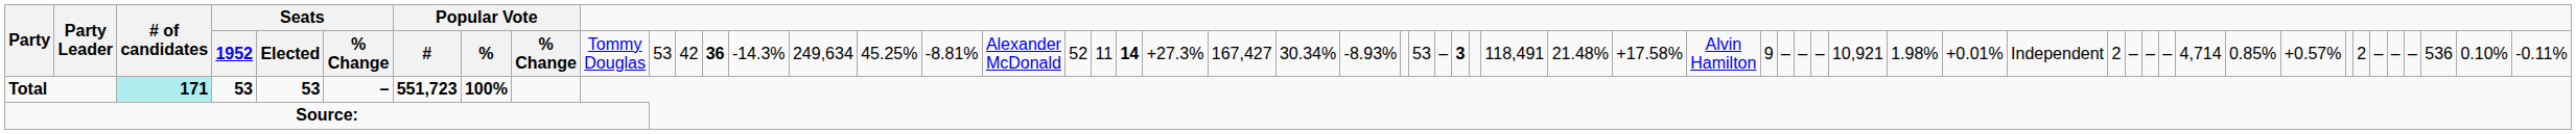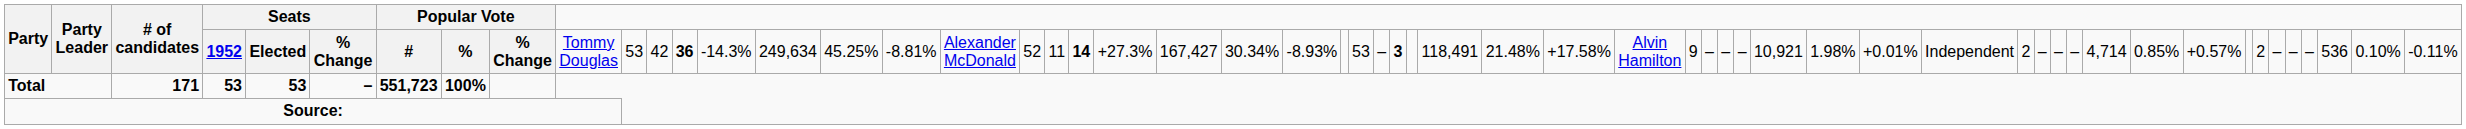 <table class="wikitable">
 <tr>
 <th rowspan=2 colspan=2>Party</th>
 <th rowspan=2>Party Leader</th>
 <th rowspan=2># of<br>candidates</th>
 <th colspan=3>Seats</th>
 <th colspan=3>Popular Vote</th>
 </tr>
 <tr>
 <th><a href='#'>1952</a></th>
 <th>Elected</th>
 <th>% Change</th>
 <th>#</th>
 <th>%</th>
 <th>% Change<br></th>
 <td align="center"><a href='#'>Tommy Douglas</a></td>
 <td align="right">53</td>
 <td align="right">42</td>
 <td align="right"><strong>36</strong></td>
 <td align="right">-14.3%</td>
 <td align="right">249,634</td>
 <td align="right">45.25%</td>
 <td align="right">-8.81%<br></td>
 <td align="center"><a href='#'>Alexander McDonald</a></td>
 <td align="right">52</td>
 <td align="right">11</td>
 <td align="right"><strong>14</strong></td>
 <td align="right">+27.3%</td>
 <td align="right">167,427</td>
 <td align="right">30.34%</td>
 <td align="right">-8.93%<br></td>
 <td align="center"></td>
 <td align="right">53</td>
 <td align="right">–</td>
 <td align="right"><strong>3</strong></td>
 <td align="right"> </td>
 <td align="right">118,491</td>
 <td align="right">21.48%</td>
 <td align="right">+17.58%<br></td>
 <td align="center"><a href='#'>Alvin Hamilton</a></td>
 <td align="right">9</td>
 <td align="right">–</td>
 <td align="right">–</td>
 <td align="right">–</td>
 <td align="right">10,921</td>
 <td align="right">1.98%</td>
 <td align="right">+0.01%<br></td>
 <td colspan=2>Independent</td>
 <td align="right">2</td>
 <td align="right">–</td>
 <td align="right">–</td>
 <td align="right">–</td>
 <td align="right">4,714</td>
 <td align="right">0.85%</td>
 <td align="right">+0.57%<br></td>
 <td align="center"></td>
 <td align="right">2</td>
 <td align="right">–</td>
 <td align="right">–</td>
 <td align="right">–</td>
 <td align="right">536</td>
 <td align="right">0.10%</td>
 <td align="right">-0.11%</td>
 </tr>
 <tr>
 <td colspan=3><strong>Total</strong></td>
-<td align="right" style="background: paleturquoise;"><strong>171</strong></td>
+<td align="right"><strong>171</strong></td>
 <td align="right"><strong>53</strong></td>
 <td align="right"><strong>53</strong></td>
 <td align="right"><strong>–</strong></td>
 <td align="right"><strong>551,723</strong></td>
 <td align="right"><strong>100%</strong></td>
 <td align="right"> </td>
 </tr>
 <tr>
 <td align="center" colspan=11><strong>Source:</strong> </td>
 </tr>
 <tr>
 </tr>
 </table>
